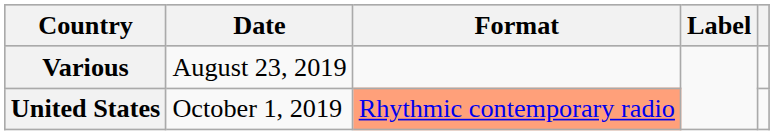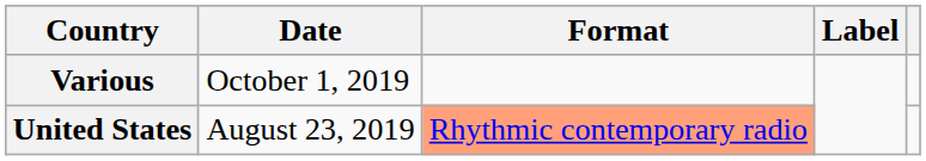 <table class="wikitable plainrowheaders">
 <tr>
 <th scope="col">Country</th>
 <th scope="col">Date</th>
 <th scope="col">Format</th>
 <th scope="col">Label</th>
 <th scope="col"></th>
 </tr>
 <tr>
 <th scope="row">Various</th>
-<td>August 23, 2019</td>
+<td>October 1, 2019</td>
 <td></td>
 <td rowspan="2"></td>
 <td style="text-align:center;"></td>
 </tr>
 <tr>
 <th scope="row">United States</th>
-<td>October 1, 2019</td>
+<td>August 23, 2019</td>
 <td style="background: lightsalmon;"><a href='#'>Rhythmic contemporary radio</a></td>
 <td style="text-align:center;"></td>
 </tr>
 </table>
